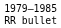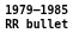 <table style="width:80px;">
 <tr>
 <td></td>
 </tr>
 <tr>
-<td><div>1979–1985 RR bullet</div></td>
+<td><strong><div>1979–1985 RR bullet</div></strong></td>
 </tr>
 </table>
